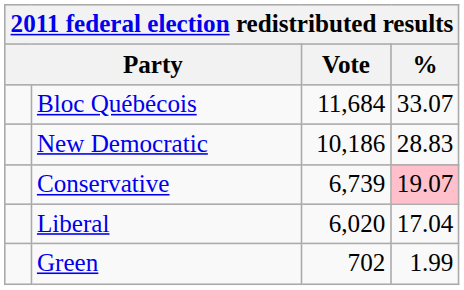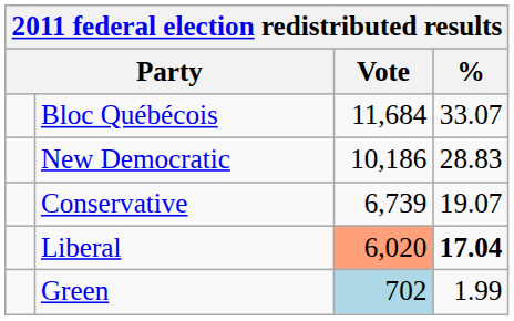 <table class="wikitable">
 <tr>
 <th colspan="4"><a href='#'>2011 federal election</a> redistributed results</th>
 </tr>
 <tr>
 <th bgcolor="#DDDDFF" width="130px" colspan="2">Party</th>
 <th bgcolor="#DDDDFF" width="50px">Vote</th>
 <th bgcolor="#DDDDFF" width="30px">%</th>
 </tr>
 <tr>
 <td> </td>
 <td><a href='#'>Bloc Québécois</a></td>
 <td align=right>11,684</td>
 <td align=right>33.07</td>
 </tr>
 <tr>
 <td> </td>
 <td><a href='#'>New Democratic</a></td>
 <td align=right>10,186</td>
 <td align=right>28.83</td>
 </tr>
 <tr>
 <td> </td>
 <td><a href='#'>Conservative</a></td>
 <td align=right>6,739</td>
-<td align=right style="background: pink;">19.07</td>
+<td align=right>19.07</td>
 </tr>
 <tr>
 <td> </td>
 <td><a href='#'>Liberal</a></td>
-<td align=right>6,020</td>
-<td align=right>17.04</td>
+<td align=right style="background: lightsalmon;">6,020</td>
+<td align=right><strong>17.04</strong></td>
 </tr>
 <tr>
 <td> </td>
 <td><a href='#'>Green</a></td>
-<td align=right>702</td>
+<td align=right style="background: lightblue;">702</td>
 <td align=right>1.99</td>
 </tr>
 </table>
